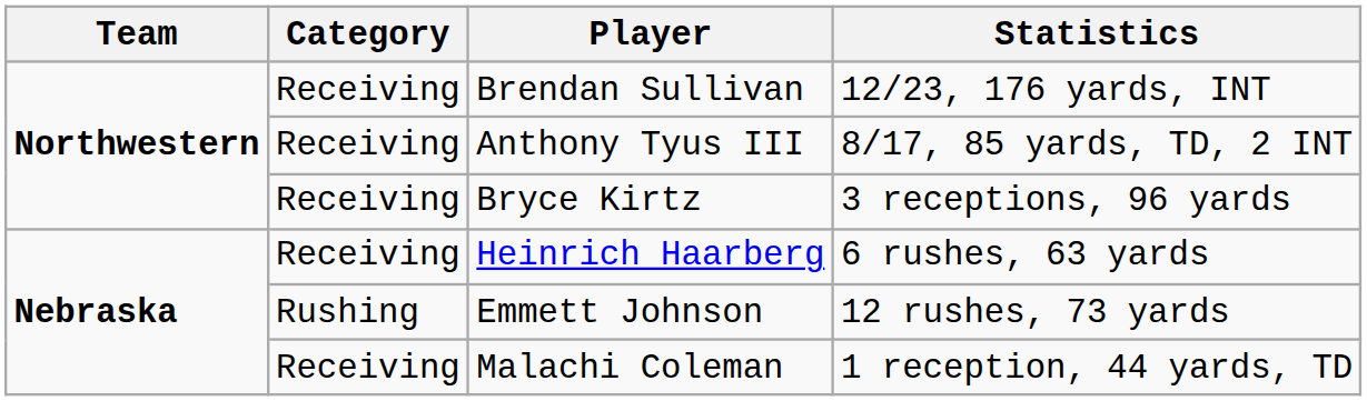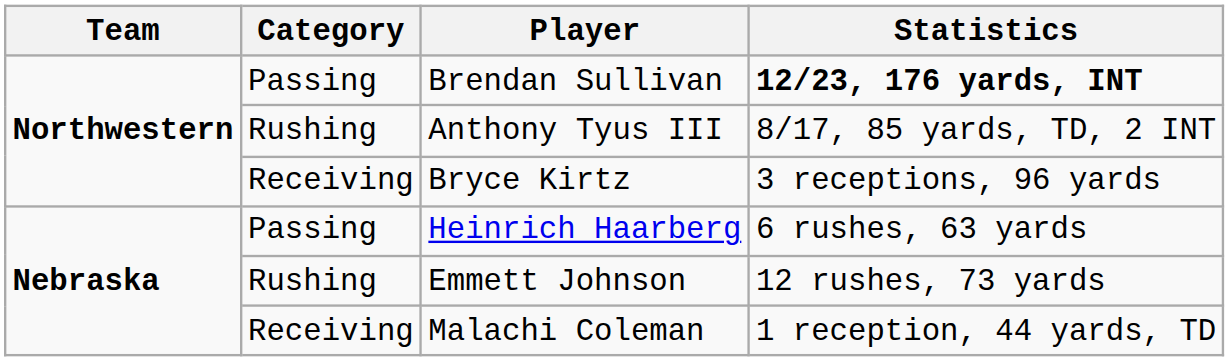 <table class="wikitable" style="float: left;">
 <tr>
 <th>Team</th>
 <th>Category</th>
 <th>Player</th>
 <th>Statistics</th>
 </tr>
 <tr>
 <td rowspan=3><strong>Northwestern</strong></td>
-<td>Receiving</td>
+<td>Passing</td>
 <td>Brendan Sullivan</td>
-<td>12/23, 176 yards, INT</td>
+<td><strong>12/23, 176 yards, INT</strong></td>
 </tr>
 <tr>
-<td>Receiving</td>
+<td>Rushing</td>
 <td>Anthony Tyus III</td>
 <td>8/17, 85 yards, TD, 2 INT</td>
 </tr>
 <tr>
 <td>Receiving</td>
 <td>Bryce Kirtz</td>
 <td>3 receptions, 96 yards</td>
 </tr>
 <tr>
 <td rowspan=3><strong>Nebraska</strong></td>
-<td>Receiving</td>
+<td>Passing</td>
 <td><a href='#'>Heinrich Haarberg</a></td>
 <td>6 rushes, 63 yards</td>
 </tr>
 <tr>
 <td>Rushing</td>
 <td>Emmett Johnson</td>
 <td>12 rushes, 73 yards</td>
 </tr>
 <tr>
 <td>Receiving</td>
 <td>Malachi Coleman</td>
 <td>1 reception, 44 yards, TD</td>
 </tr>
 </table>
